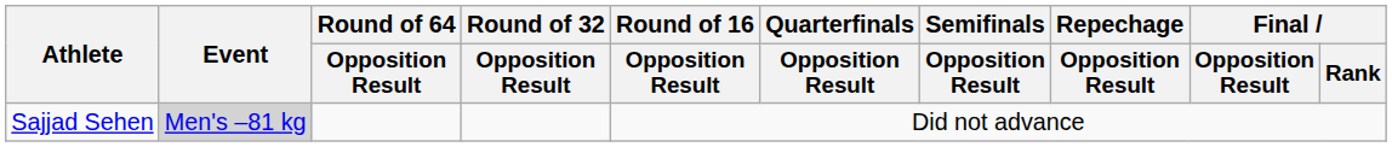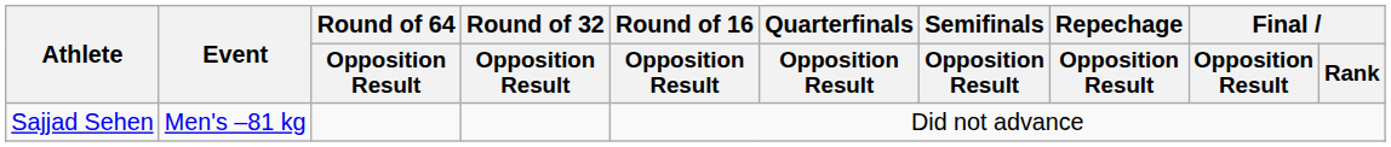 <table class="wikitable" style="font-size:90%">
 <tr>
 <th rowspan="2">Athlete</th>
 <th rowspan="2">Event</th>
 <th>Round of 64</th>
 <th>Round of 32</th>
 <th>Round of 16</th>
 <th>Quarterfinals</th>
 <th>Semifinals</th>
 <th>Repechage</th>
 <th colspan=2>Final / </th>
 </tr>
 <tr style="font-size:95%">
 <th>Opposition<br>Result</th>
 <th>Opposition<br>Result</th>
 <th>Opposition<br>Result</th>
 <th>Opposition<br>Result</th>
 <th>Opposition<br>Result</th>
 <th>Opposition<br>Result</th>
 <th>Opposition<br>Result</th>
 <th>Rank</th>
 </tr>
 <tr align=center>
 <td align=left><a href='#'>Sajjad Sehen</a></td>
-<td align=left style="background: lightgrey;"><a href='#'>Men's –81 kg</a></td>
+<td align=left><a href='#'>Men's –81 kg</a></td>
 <td></td>
 <td></td>
 <td colspan=6>Did not advance</td>
 </tr>
 </table>
